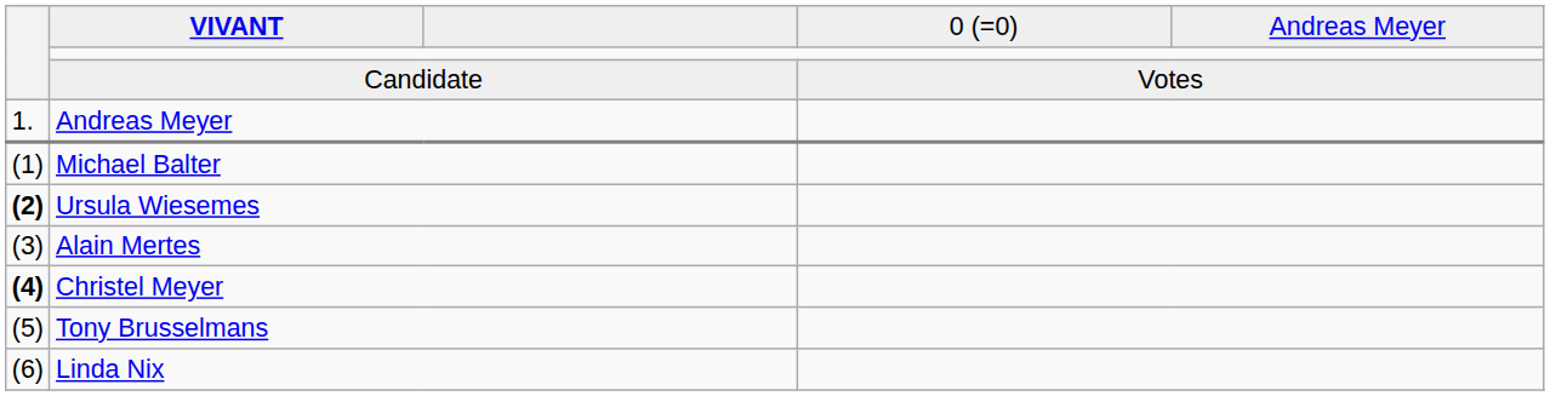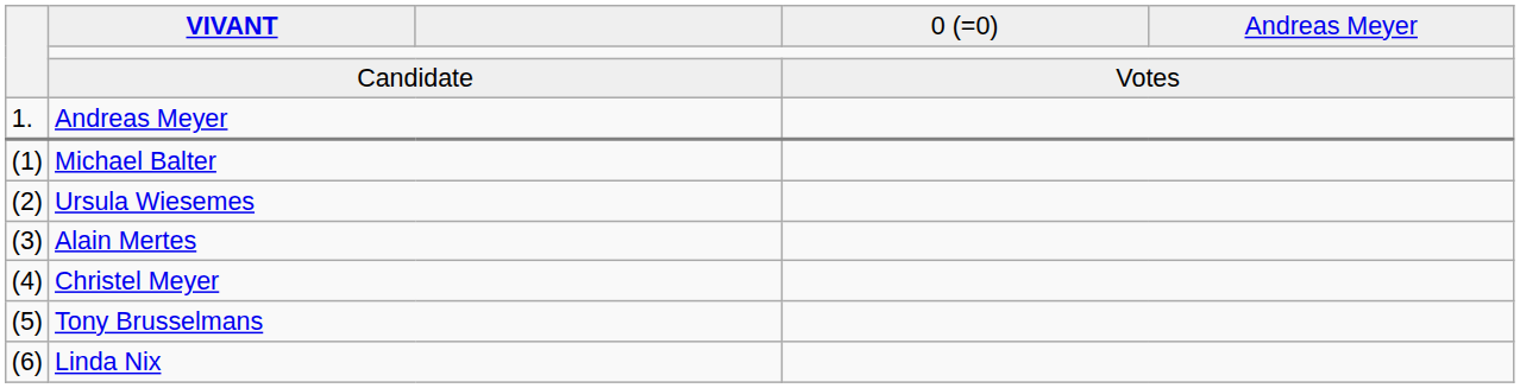 <table class="wikitable collapsible collapsed" style=text-align:left;font-size:90%>
 <tr>
 <th rowspan=3></th>
 <td bgcolor=efefef width=200 align=center><strong> <a href='#'>VIVANT</a> </strong></td>
 <td bgcolor=efefef width=200 align=center></td>
 <td bgcolor=efefef width=200 align=center>0 (=0)</td>
 <td bgcolor=efefef width=200 align=center><a href='#'>Andreas Meyer</a></td>
 </tr>
 <tr>
 <td colspan=4 bgcolor=></td>
 </tr>
 <tr>
 <td bgcolor=efefef align=center colspan=2>Candidate</td>
 <td bgcolor=efefef align=center colspan=2>Votes</td>
 </tr>
 <tr>
 <td>1.</td>
 <td colspan=2><a href='#'>Andreas Meyer</a></td>
 <td colspan=2></td>
 </tr>
 <tr style="border-top:2px solid gray;">
 <td>(1)</td>
 <td colspan=2><a href='#'>Michael Balter</a></td>
 <td colspan=2></td>
 </tr>
 <tr>
-<td><strong>(2)</strong></td>
+<td>(2)</td>
 <td colspan=2><a href='#'>Ursula Wiesemes</a></td>
 <td colspan=2></td>
 </tr>
 <tr>
 <td>(3)</td>
 <td colspan=2><a href='#'>Alain Mertes</a></td>
 <td colspan=2></td>
 </tr>
 <tr>
-<td><strong>(4)</strong></td>
+<td>(4)</td>
 <td colspan=2><a href='#'>Christel Meyer</a></td>
 <td colspan=2></td>
 </tr>
 <tr>
 <td>(5)</td>
 <td colspan=2><a href='#'>Tony Brusselmans</a></td>
 <td colspan=2></td>
 </tr>
 <tr>
 <td>(6)</td>
 <td colspan=2><a href='#'>Linda Nix</a></td>
 <td colspan=2></td>
 </tr>
 </table>
